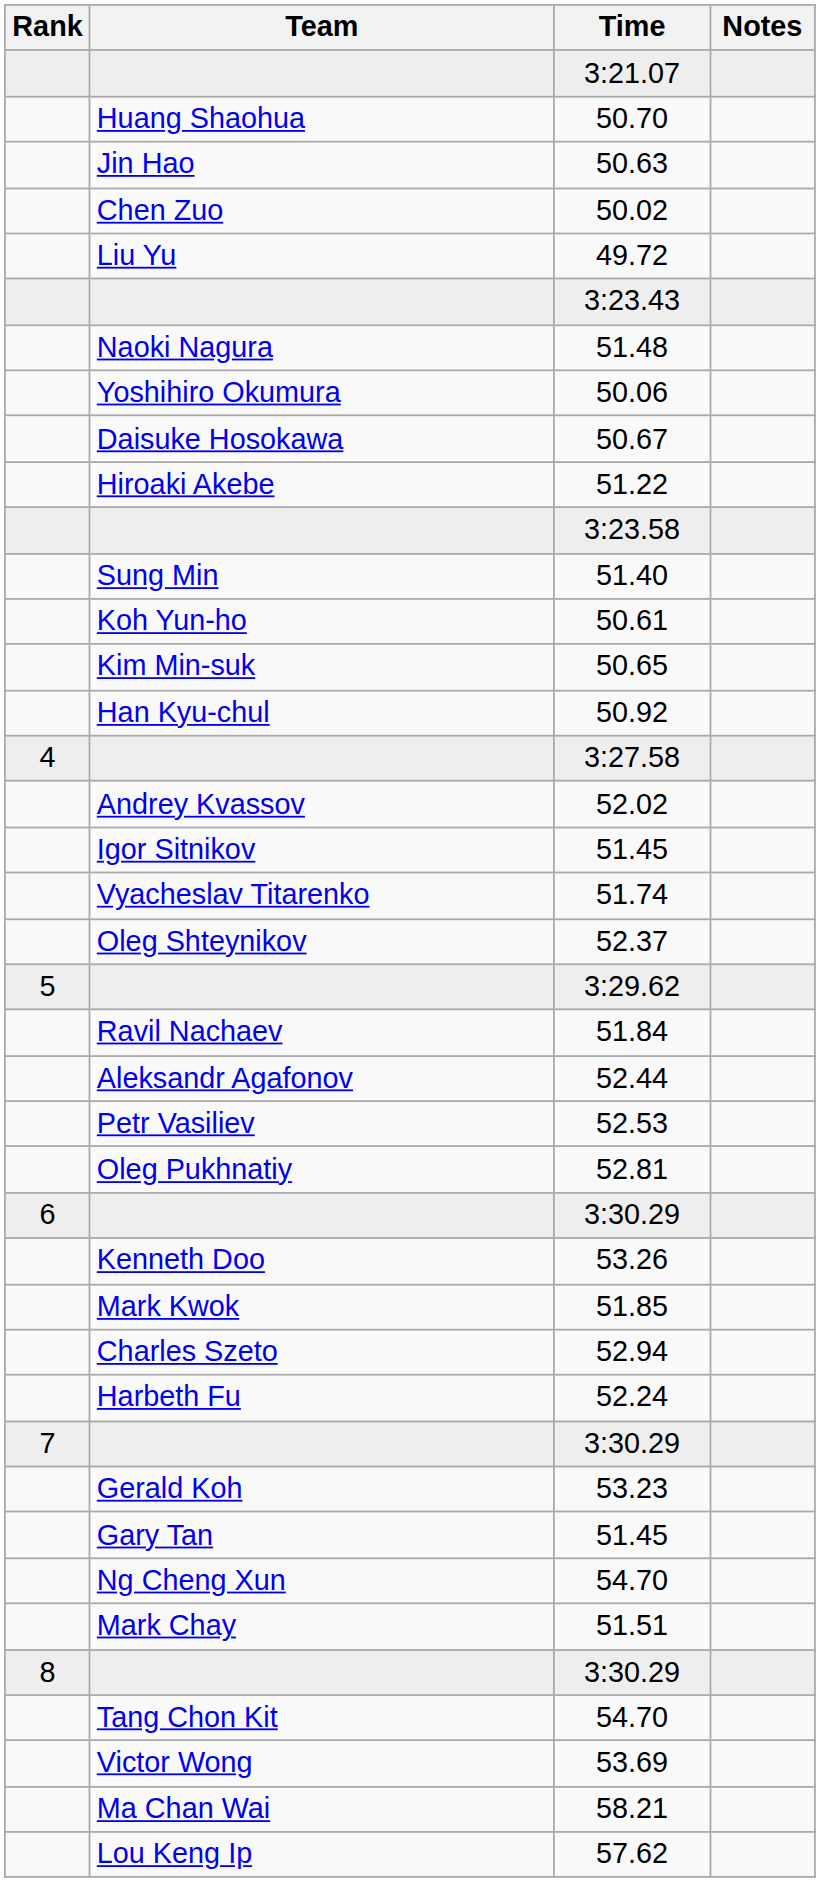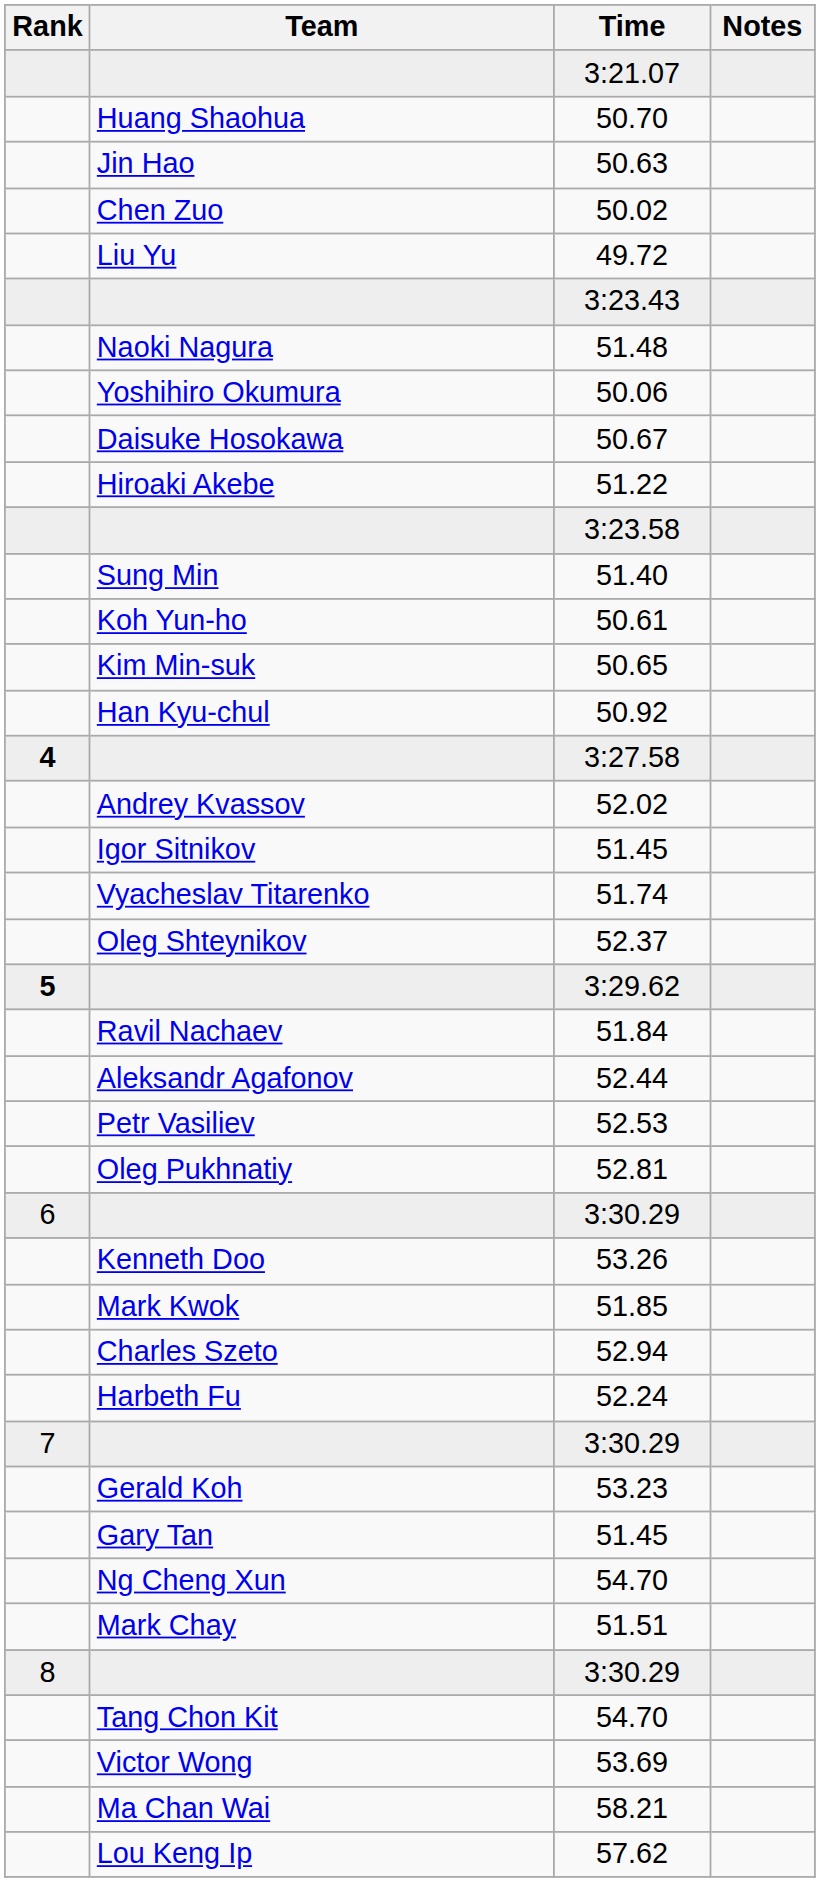 <table class="wikitable" style="text-align:center">
 <tr>
 <th width=40>Rank</th>
 <th width=250>Team</th>
 <th width=80>Time</th>
 <th width=50>Notes</th>
 </tr>
 <tr bgcolor=eeeeee>
 <td></td>
 <td align=left></td>
 <td>3:21.07</td>
 <td></td>
 </tr>
 <tr>
 <td></td>
 <td align=left><a href='#'>Huang Shaohua</a></td>
 <td>50.70</td>
 <td></td>
 </tr>
 <tr>
 <td></td>
 <td align=left><a href='#'>Jin Hao</a></td>
 <td>50.63</td>
 <td></td>
 </tr>
 <tr>
 <td></td>
 <td align=left><a href='#'>Chen Zuo</a></td>
 <td>50.02</td>
 <td></td>
 </tr>
 <tr>
 <td></td>
 <td align=left><a href='#'>Liu Yu</a></td>
 <td>49.72</td>
 <td></td>
 </tr>
 <tr bgcolor=eeeeee>
 <td></td>
 <td align=left></td>
 <td>3:23.43</td>
 <td></td>
 </tr>
 <tr>
 <td></td>
 <td align=left><a href='#'>Naoki Nagura</a></td>
 <td>51.48</td>
 <td></td>
 </tr>
 <tr>
 <td></td>
 <td align=left><a href='#'>Yoshihiro Okumura</a></td>
 <td>50.06</td>
 <td></td>
 </tr>
 <tr>
 <td></td>
 <td align=left><a href='#'>Daisuke Hosokawa</a></td>
 <td>50.67</td>
 <td></td>
 </tr>
 <tr>
 <td></td>
 <td align=left><a href='#'>Hiroaki Akebe</a></td>
 <td>51.22</td>
 <td></td>
 </tr>
 <tr bgcolor=eeeeee>
 <td></td>
 <td align=left></td>
 <td>3:23.58</td>
 <td></td>
 </tr>
 <tr>
 <td></td>
 <td align=left><a href='#'>Sung Min</a></td>
 <td>51.40</td>
 <td></td>
 </tr>
 <tr>
 <td></td>
 <td align=left><a href='#'>Koh Yun-ho</a></td>
 <td>50.61</td>
 <td></td>
 </tr>
 <tr>
 <td></td>
 <td align=left><a href='#'>Kim Min-suk</a></td>
 <td>50.65</td>
 <td></td>
 </tr>
 <tr>
 <td></td>
 <td align=left><a href='#'>Han Kyu-chul</a></td>
 <td>50.92</td>
 <td></td>
 </tr>
 <tr bgcolor=eeeeee>
-<td>4</td>
+<td><strong>4</strong></td>
 <td align=left></td>
 <td>3:27.58</td>
 <td></td>
 </tr>
 <tr>
 <td></td>
 <td align=left><a href='#'>Andrey Kvassov</a></td>
 <td>52.02</td>
 <td></td>
 </tr>
 <tr>
 <td></td>
 <td align=left><a href='#'>Igor Sitnikov</a></td>
 <td>51.45</td>
 <td></td>
 </tr>
 <tr>
 <td></td>
 <td align=left><a href='#'>Vyacheslav Titarenko</a></td>
 <td>51.74</td>
 <td></td>
 </tr>
 <tr>
 <td></td>
 <td align=left><a href='#'>Oleg Shteynikov</a></td>
 <td>52.37</td>
 <td></td>
 </tr>
 <tr bgcolor=eeeeee>
-<td>5</td>
+<td><strong>5</strong></td>
 <td align=left></td>
 <td>3:29.62</td>
 <td></td>
 </tr>
 <tr>
 <td></td>
 <td align=left><a href='#'>Ravil Nachaev</a></td>
 <td>51.84</td>
 <td></td>
 </tr>
 <tr>
 <td></td>
 <td align=left><a href='#'>Aleksandr Agafonov</a></td>
 <td>52.44</td>
 <td></td>
 </tr>
 <tr>
 <td></td>
 <td align=left><a href='#'>Petr Vasiliev</a></td>
 <td>52.53</td>
 <td></td>
 </tr>
 <tr>
 <td></td>
 <td align=left><a href='#'>Oleg Pukhnatiy</a></td>
 <td>52.81</td>
 <td></td>
 </tr>
 <tr bgcolor=eeeeee>
 <td>6</td>
 <td align=left></td>
 <td>3:30.29</td>
 <td></td>
 </tr>
 <tr>
 <td></td>
 <td align=left><a href='#'>Kenneth Doo</a></td>
 <td>53.26</td>
 <td></td>
 </tr>
 <tr>
 <td></td>
 <td align=left><a href='#'>Mark Kwok</a></td>
 <td>51.85</td>
 <td></td>
 </tr>
 <tr>
 <td></td>
 <td align=left><a href='#'>Charles Szeto</a></td>
 <td>52.94</td>
 <td></td>
 </tr>
 <tr>
 <td></td>
 <td align=left><a href='#'>Harbeth Fu</a></td>
 <td>52.24</td>
 <td></td>
 </tr>
 <tr bgcolor=eeeeee>
 <td>7</td>
 <td align=left></td>
 <td>3:30.29</td>
 <td></td>
 </tr>
 <tr>
 <td></td>
 <td align=left><a href='#'>Gerald Koh</a></td>
 <td>53.23</td>
 <td></td>
 </tr>
 <tr>
 <td></td>
 <td align=left><a href='#'>Gary Tan</a></td>
 <td>51.45</td>
 <td></td>
 </tr>
 <tr>
 <td></td>
 <td align=left><a href='#'>Ng Cheng Xun</a></td>
 <td>54.70</td>
 <td></td>
 </tr>
 <tr>
 <td></td>
 <td align=left><a href='#'>Mark Chay</a></td>
 <td>51.51</td>
 <td></td>
 </tr>
 <tr bgcolor=eeeeee>
 <td>8</td>
 <td align=left></td>
 <td>3:30.29</td>
 <td></td>
 </tr>
 <tr>
 <td></td>
 <td align=left><a href='#'>Tang Chon Kit</a></td>
 <td>54.70</td>
 <td></td>
 </tr>
 <tr>
 <td></td>
 <td align=left><a href='#'>Victor Wong</a></td>
 <td>53.69</td>
 <td></td>
 </tr>
 <tr>
 <td></td>
 <td align=left><a href='#'>Ma Chan Wai</a></td>
 <td>58.21</td>
 <td></td>
 </tr>
 <tr>
 <td></td>
 <td align=left><a href='#'>Lou Keng Ip</a></td>
 <td>57.62</td>
 <td></td>
 </tr>
 </table>
